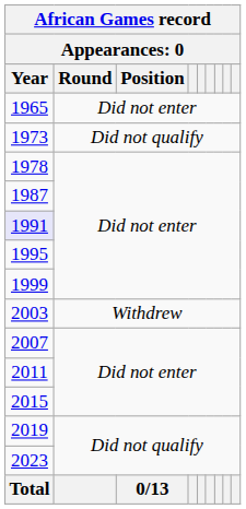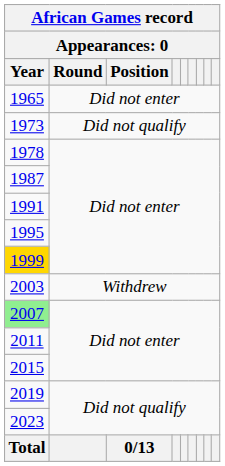 <table class="wikitable" style="text-align: center;">
 <tr>
 <th colspan=9><a href='#'>African Games</a> record</th>
 </tr>
 <tr>
 <th colspan=9>Appearances: 0</th>
 </tr>
 <tr>
 <th>Year</th>
 <th>Round</th>
 <th>Position</th>
 <th></th>
 <th></th>
 <th></th>
 <th></th>
 <th></th>
 <th></th>
 </tr>
 <tr>
 <td> <a href='#'>1965</a></td>
 <td colspan=8><em>Did not enter</em></td>
 </tr>
 <tr>
 <td> <a href='#'>1973</a></td>
 <td colspan=8><em>Did not qualify</em></td>
 </tr>
 <tr>
 <td> <a href='#'>1978</a></td>
 <td colspan=8 rowspan=5><em>Did not enter</em></td>
 </tr>
 <tr>
 <td> <a href='#'>1987</a></td>
 </tr>
 <tr>
-<td style="background: lavender;"> <a href='#'>1991</a></td>
+<td> <a href='#'>1991</a></td>
 </tr>
 <tr>
 <td> <a href='#'>1995</a></td>
 </tr>
 <tr>
-<td> <a href='#'>1999</a></td>
+<td style="background: gold;"> <a href='#'>1999</a></td>
 </tr>
 <tr>
 <td> <a href='#'>2003</a></td>
 <td colspan=8><em>Withdrew</em></td>
 </tr>
 <tr>
-<td> <a href='#'>2007</a></td>
+<td style="background: lightgreen;"> <a href='#'>2007</a></td>
 <td colspan=8 rowspan=3><em>Did not enter</em></td>
 </tr>
 <tr>
 <td> <a href='#'>2011</a></td>
 </tr>
 <tr>
 <td> <a href='#'>2015</a></td>
 </tr>
 <tr>
 <td> <a href='#'>2019</a></td>
 <td colspan=8 rowspan=2><em>Did not qualify</em></td>
 </tr>
 <tr>
 <td> <a href='#'>2023</a></td>
 </tr>
 <tr>
 <th>Total</th>
 <th></th>
 <th>0/13</th>
 <th></th>
 <th></th>
 <th></th>
 <th></th>
 <th></th>
 <th></th>
 </tr>
 </table>
